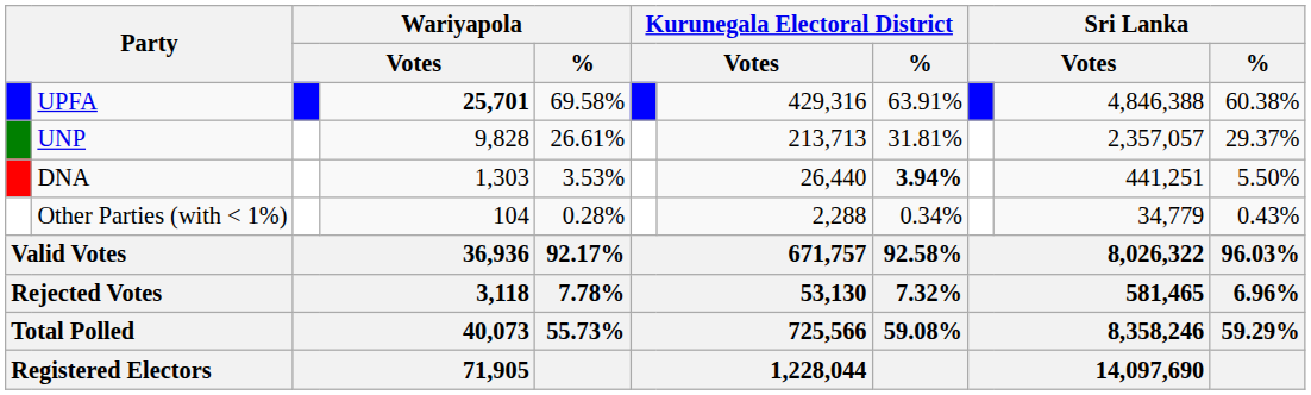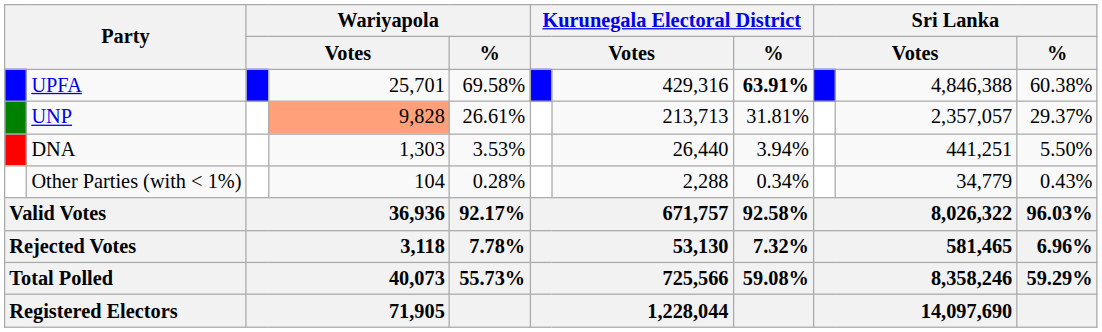 <table class="wikitable">
 <tr>
 <th colspan="2" width="144px"rowspan="2">Party</th>
 <th colspan="3" width="216px">Wariyapola</th>
 <th colspan="3" width="216px"><a href='#'>Kurunegala Electoral District</a></th>
 <th colspan="3" width="216px">Sri Lanka</th>
 </tr>
 <tr>
 <th colspan="2" width="144px">Votes</th>
 <th>%</th>
 <th colspan="2" width="144px">Votes</th>
 <th>%</th>
 <th colspan="2" width="144px">Votes</th>
 <th>%</th>
 </tr>
 <tr>
 <td style="background-color:blue;" width="10px"></td>
 <td style="text-align:left;"><a href='#'>UPFA</a></td>
 <td style="background-color:blue;" width="10px"></td>
-<td style="text-align:right;"><strong>25,701</strong></td>
+<td style="text-align:right;">25,701</td>
 <td style="text-align:right;">69.58%</td>
 <td style="background-color:blue;" width="10px"></td>
 <td style="text-align:right;">429,316</td>
-<td style="text-align:right;">63.91%</td>
+<td style="text-align:right;"><strong>63.91%</strong></td>
 <td style="background-color:blue;" width="10px"></td>
 <td style="text-align:right;">4,846,388</td>
 <td style="text-align:right;">60.38%</td>
 </tr>
 <tr>
 <td style="background-color:green;" width="10px"></td>
 <td style="text-align:left;"><a href='#'>UNP</a></td>
 <td style="background-color:white;" width="10px"></td>
-<td style="text-align:right;">9,828</td>
+<td style="background: lightsalmon; text-align:right;">9,828</td>
 <td style="text-align:right;">26.61%</td>
 <td style="background-color:white;" width="10px"></td>
 <td style="text-align:right;">213,713</td>
 <td style="text-align:right;">31.81%</td>
 <td style="background-color:white;" width="10px"></td>
 <td style="text-align:right;">2,357,057</td>
 <td style="text-align:right;">29.37%</td>
 </tr>
 <tr>
 <td style="background-color:red;" width="10px"></td>
 <td style="text-align:left;">DNA</td>
 <td style="background-color:white;" width="10px"></td>
 <td style="text-align:right;">1,303</td>
 <td style="text-align:right;">3.53%</td>
 <td style="background-color:white;" width="10px"></td>
 <td style="text-align:right;">26,440</td>
-<td style="text-align:right;"><strong>3.94%</strong></td>
+<td style="text-align:right;">3.94%</td>
 <td style="background-color:white;" width="10px"></td>
 <td style="text-align:right;">441,251</td>
 <td style="text-align:right;">5.50%</td>
 </tr>
 <tr>
 <td style="background-color:white;" width="10px"></td>
 <td style="text-align:left;">Other Parties (with < 1%)</td>
 <td style="background-color:white;" width="10px"></td>
 <td style="text-align:right;">104</td>
 <td style="text-align:right;">0.28%</td>
 <td style="background-color:white;" width="10px"></td>
 <td style="text-align:right;">2,288</td>
 <td style="text-align:right;">0.34%</td>
 <td style="background-color:white;" width="10px"></td>
 <td style="text-align:right;">34,779</td>
 <td style="text-align:right;">0.43%</td>
 </tr>
 <tr>
 <th colspan="2" width="144px"style="text-align:left;">Valid Votes</th>
 <th style="text-align:right;"colspan="2" width="144px">36,936</th>
 <th style="text-align:right;">92.17%</th>
 <th style="text-align:right;"colspan="2" width="144px">671,757</th>
 <th style="text-align:right;">92.58%</th>
 <th style="text-align:right;"colspan="2" width="144px">8,026,322</th>
 <th style="text-align:right;">96.03%</th>
 </tr>
 <tr>
 <th colspan="2" width="144px"style="text-align:left;">Rejected Votes</th>
 <th style="text-align:right;"colspan="2" width="144px">3,118</th>
 <th style="text-align:right;">7.78%</th>
 <th style="text-align:right;"colspan="2" width="144px">53,130</th>
 <th style="text-align:right;">7.32%</th>
 <th style="text-align:right;"colspan="2" width="144px">581,465</th>
 <th style="text-align:right;">6.96%</th>
 </tr>
 <tr>
 <th colspan="2" width="144px"style="text-align:left;">Total Polled</th>
 <th style="text-align:right;"colspan="2" width="144px">40,073</th>
 <th style="text-align:right;">55.73%</th>
 <th style="text-align:right;"colspan="2" width="144px">725,566</th>
 <th style="text-align:right;">59.08%</th>
 <th style="text-align:right;"colspan="2" width="144px">8,358,246</th>
 <th style="text-align:right;">59.29%</th>
 </tr>
 <tr>
 <th colspan="2" width="144px"style="text-align:left;">Registered Electors</th>
 <th style="text-align:right;"colspan="2" width="144px">71,905</th>
 <th></th>
 <th style="text-align:right;"colspan="2" width="144px">1,228,044</th>
 <th></th>
 <th style="text-align:right;"colspan="2" width="144px">14,097,690</th>
 <th></th>
 </tr>
 </table>
